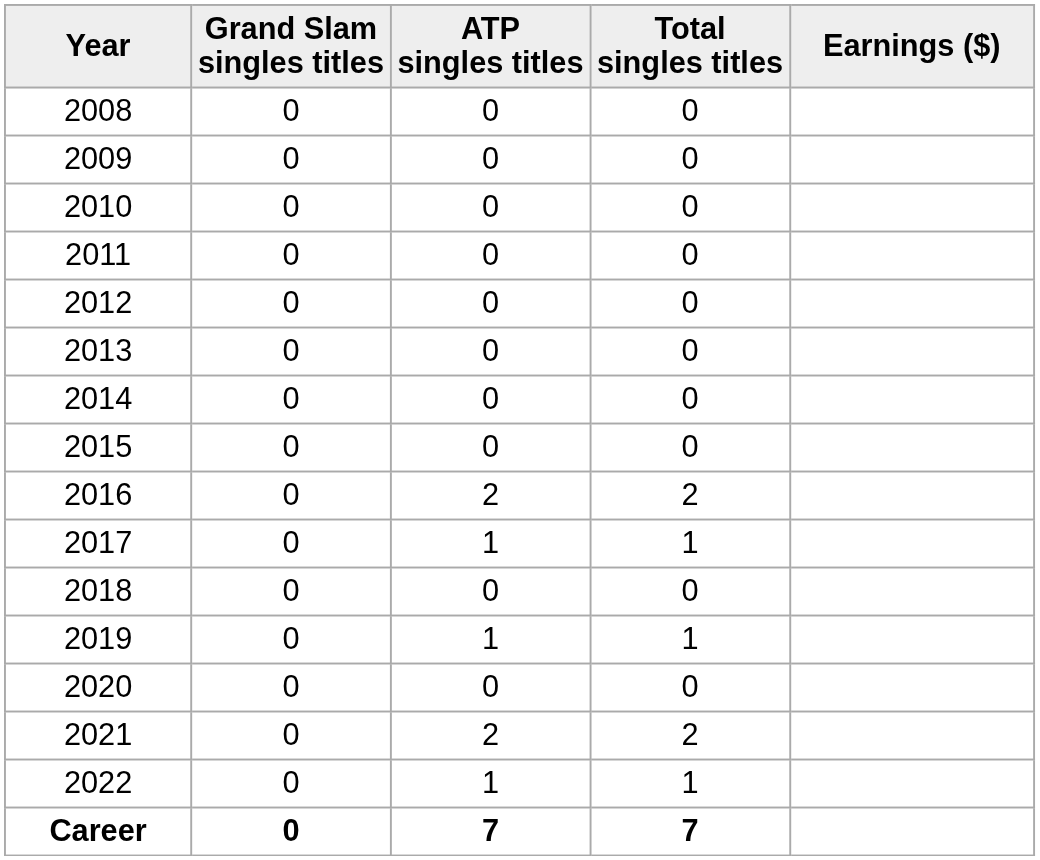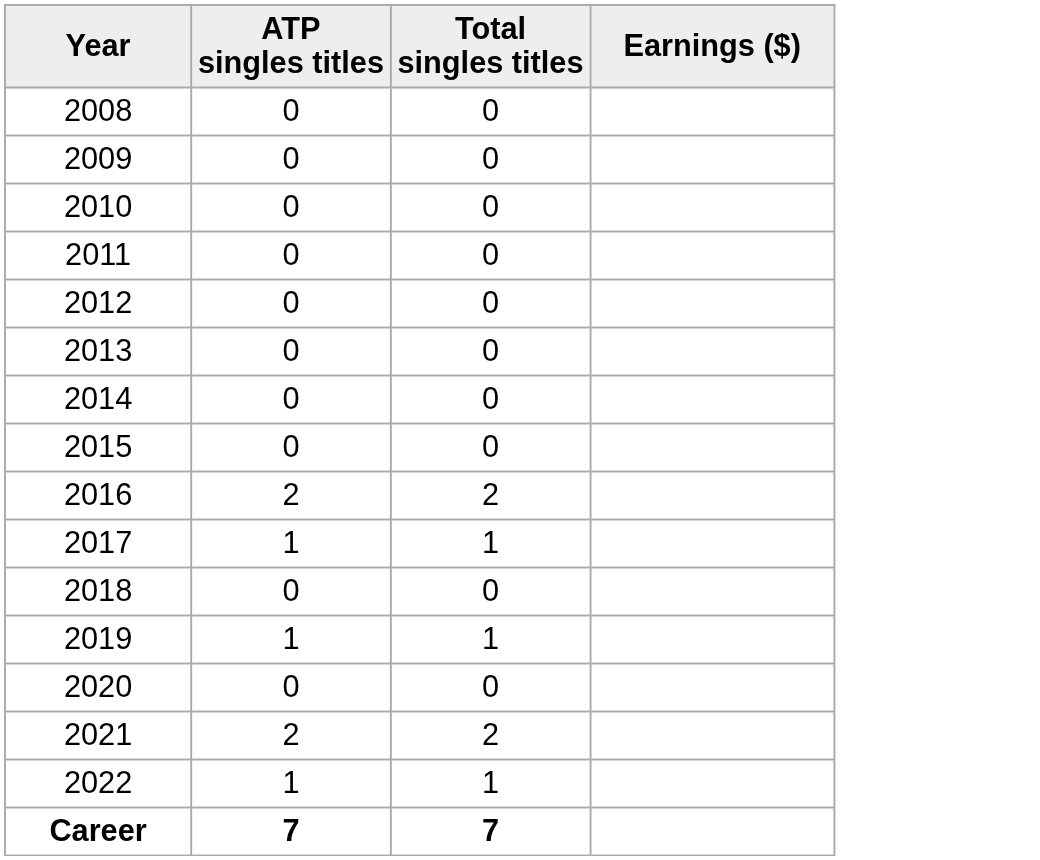 <table cellpadding=3 cellspacing=0 border=1 style=border:#aaa;solid:1px;border-collapse:collapse;text-align:center>
 <tr style=background:#eee>
 <td width=90><strong>Year</strong></td>
-<td><strong>Grand Slam<br>singles titles</strong></td>
 <td><strong>ATP <br>singles titles</strong></td>
 <td><strong>Total<br>singles titles</strong></td>
 <td width=120><strong>Earnings ($)</strong></td>
 </tr>
 <tr>
 <td>2008</td>
 <td>0</td>
 <td>0</td>
-<td>0</td>
 <td align=right></td>
 </tr>
 <tr>
 <td>2009</td>
-<td>0</td>
 <td>0</td>
 <td>0</td>
 <td align=right></td>
 </tr>
 <tr>
 <td>2010</td>
 <td>0</td>
 <td>0</td>
-<td>0</td>
 <td align=right></td>
 </tr>
 <tr>
 <td>2011</td>
-<td>0</td>
 <td>0</td>
 <td>0</td>
 <td align=right></td>
 </tr>
 <tr>
 <td>2012</td>
 <td>0</td>
 <td>0</td>
-<td>0</td>
 <td align="right"></td>
 </tr>
 <tr>
 <td>2013</td>
-<td>0</td>
 <td>0</td>
 <td>0</td>
 <td align="right"></td>
 </tr>
 <tr>
 <td>2014</td>
 <td>0</td>
 <td>0</td>
-<td>0</td>
 <td align="right"></td>
 </tr>
 <tr>
 <td>2015</td>
 <td>0</td>
 <td>0</td>
-<td>0</td>
 <td align="right"></td>
 </tr>
 <tr>
 <td>2016</td>
-<td>0</td>
 <td>2</td>
 <td>2</td>
 <td align="right"></td>
 </tr>
 <tr>
 <td>2017</td>
-<td>0</td>
 <td>1</td>
 <td>1</td>
 <td align="right"></td>
 </tr>
 <tr>
 <td>2018</td>
 <td>0</td>
 <td>0</td>
-<td>0</td>
 <td align="right"></td>
 </tr>
 <tr>
 <td>2019</td>
-<td>0</td>
 <td>1</td>
 <td>1</td>
 <td align="right"></td>
 </tr>
 <tr>
 <td>2020</td>
 <td>0</td>
 <td>0</td>
-<td>0</td>
 <td align="right"></td>
 </tr>
 <tr>
 <td>2021</td>
-<td>0</td>
 <td>2</td>
 <td>2</td>
 <td align="right"></td>
 </tr>
 <tr>
 <td>2022</td>
-<td>0</td>
 <td>1</td>
 <td>1</td>
 <td align="right"></td>
 </tr>
 <tr style="weight:bold">
 <th>Career</th>
-<th>0</th>
 <th>7</th>
 <th>7</th>
 <td align="right"></td>
 </tr>
 </table>
